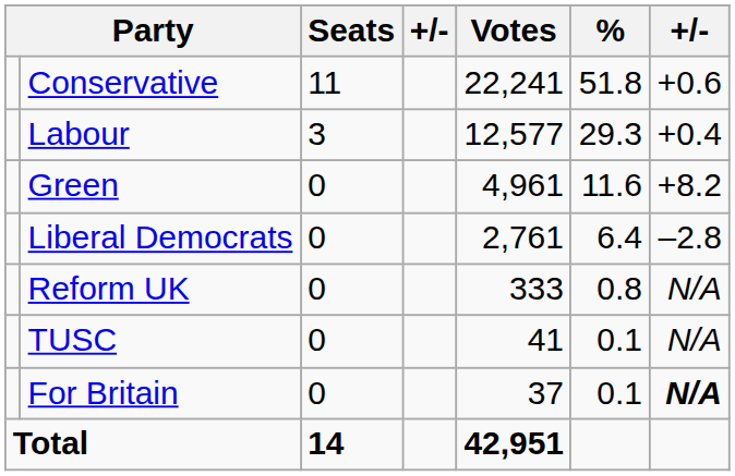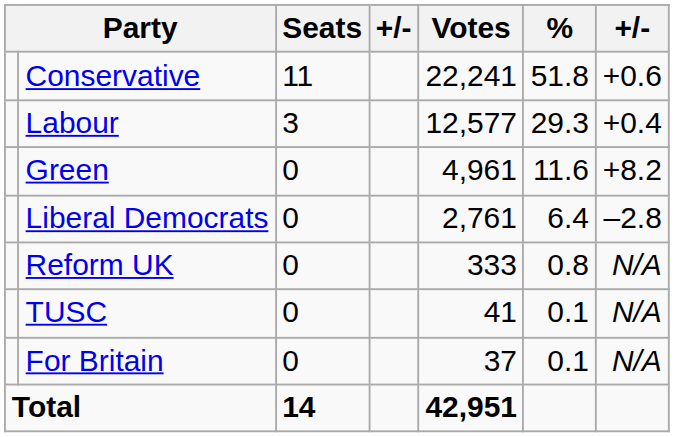 <table class="wikitable sortable">
 <tr>
 <th colspan="2">Party</th>
 <th>Seats</th>
 <th>+/-</th>
 <th>Votes</th>
 <th>%</th>
 <th>+/-</th>
 </tr>
 <tr>
 <td style="background-color: "></td>
 <td><a href='#'>Conservative</a></td>
 <td>11</td>
 <td></td>
 <td style="text-align:right;">22,241</td>
 <td style="text-align:right;">51.8</td>
 <td style="text-align:right;">+0.6</td>
 </tr>
 <tr>
 <td style="background-color: "></td>
 <td><a href='#'>Labour</a></td>
 <td>3</td>
 <td></td>
 <td style="text-align:right;">12,577</td>
 <td style="text-align:right;">29.3</td>
 <td style="text-align:right;">+0.4</td>
 </tr>
 <tr>
 <td style="background-color: "></td>
 <td><a href='#'>Green</a></td>
 <td>0</td>
 <td></td>
 <td style="text-align:right;">4,961</td>
 <td style="text-align:right;">11.6</td>
 <td style="text-align:right;">+8.2</td>
 </tr>
 <tr>
 <td style="background-color: "></td>
 <td><a href='#'>Liberal Democrats</a></td>
 <td>0</td>
 <td></td>
 <td style="text-align:right;">2,761</td>
 <td style="text-align:right;">6.4</td>
 <td style="text-align:right;">–2.8</td>
 </tr>
 <tr>
 <td style="background-color: "></td>
 <td><a href='#'>Reform UK</a></td>
 <td>0</td>
 <td></td>
 <td style="text-align:right;">333</td>
 <td style="text-align:right;">0.8</td>
 <td style="text-align:right;"><em>N/A</em></td>
 </tr>
 <tr>
 <td style="background-color: "></td>
 <td><a href='#'>TUSC</a></td>
 <td>0</td>
 <td></td>
 <td style="text-align:right;">41</td>
 <td style="text-align:right;">0.1</td>
 <td style="text-align:right;"><em>N/A</em></td>
 </tr>
 <tr>
 <td style="background-color: "></td>
 <td><a href='#'>For Britain</a></td>
 <td>0</td>
 <td></td>
 <td style="text-align:right;">37</td>
 <td style="text-align:right;">0.1</td>
-<td style="text-align:right;"><strong><em>N/A</em></strong></td>
+<td style="text-align:right;"><em>N/A</em></td>
 </tr>
 <tr>
 <td colspan="2"><strong>Total</strong></td>
 <td><strong>14</strong></td>
 <td></td>
 <td style="text-align:right;"><strong>42,951</strong></td>
 <td style="text-align:right;"></td>
 <td style="text-align:right;"></td>
 </tr>
 </table>
